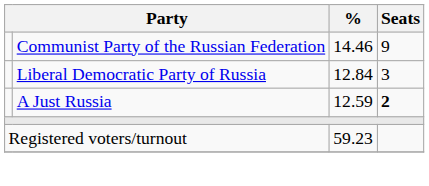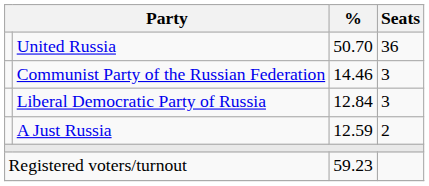 <table class="wikitable">
 <tr>
 <th colspan=2>Party</th>
 <th>%</th>
 <th>Seats</th>
 </tr>
 <tr>
 <td style="background:"></td>
+<td><a href='#'>United Russia</a></td>
+<td>50.70</td>
+<td>36</td>
+</tr>
+<tr>
+<td style="background:"></td>
 <td><a href='#'>Communist Party of the Russian Federation</a></td>
 <td>14.46</td>
-<td>9</td>
+<td>3</td>
 </tr>
 <tr>
 <td style="background:"></td>
 <td><a href='#'>Liberal Democratic Party of Russia</a></td>
 <td>12.84</td>
 <td>3</td>
 </tr>
 <tr>
 <td style="background:"></td>
 <td><a href='#'>A Just Russia</a></td>
 <td>12.59</td>
-<td><strong>2</strong></td>
+<td>2</td>
 </tr>
 <tr>
 <td colspan=4 style="background:#E9E9E9;"></td>
 </tr>
 <tr>
 <td align=left colspan=2>Registered voters/turnout</td>
 <td>59.23</td>
 <td></td>
 </tr>
 <tr>
 </tr>
 </table>
